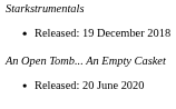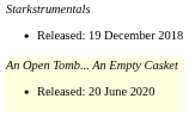 <table>
 <tr>
 <td><em>Starkstrumentals</em><br><ul><li>Released: 19 December 2018</li></ul></td>
 </tr>
 <tr>
-<td><em>An Open Tomb... An Empty Casket</em><br><ul><li>Released: 20 June 2020</li></ul></td>
+<td style="background: lightyellow;"><em>An Open Tomb... An Empty Casket</em><br><ul><li>Released: 20 June 2020</li></ul></td>
 </tr>
 </table>
